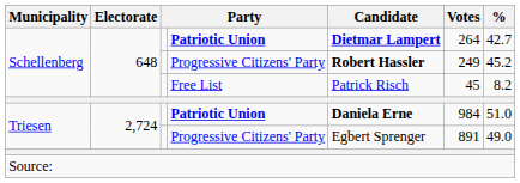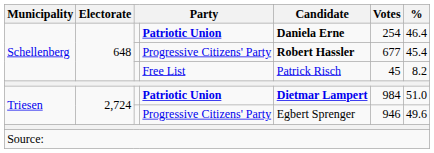 <table class="wikitable" style="text-align:right">
 <tr>
 <th>Municipality</th>
 <th>Electorate</th>
 <th colspan="2">Party</th>
 <th>Candidate</th>
 <th>Votes</th>
 <th>%</th>
 </tr>
 <tr>
 <td rowspan="3" style="text-align:left"><a href='#'>Schellenberg</a></td>
 <td rowspan="3">648</td>
 <td style="color:inherit;background:"></td>
 <td style="text-align:left"><strong><a href='#'>Patriotic Union</a></strong></td>
-<td style="text-align:left"><strong><a href='#'>Dietmar Lampert</a></strong></td>
-<td>264</td>
-<td>42.7</td>
+<td style="text-align:left"><strong>Daniela Erne</strong></td>
+<td>254</td>
+<td>46.4</td>
 </tr>
 <tr>
 <td style="color:inherit;background:"></td>
 <td style="text-align:left"><a href='#'>Progressive Citizens' Party</a></td>
 <td style="text-align:left"><strong>Robert Hassler</strong></td>
-<td>249</td>
-<td>45.2</td>
+<td>677</td>
+<td>45.4</td>
 </tr>
 <tr>
 <td style="color:inherit;background:"></td>
 <td style="text-align:left"><a href='#'>Free List</a></td>
 <td style="text-align:left"><a href='#'>Patrick Risch</a></td>
 <td>45</td>
 <td>8.2</td>
 </tr>
 <tr>
 <th colspan="7"></th>
 </tr>
 <tr>
 <td rowspan="2" style="text-align:left"><a href='#'>Triesen</a></td>
 <td rowspan="2">2,724</td>
 <td style="color:inherit;background:"></td>
 <td style="text-align:left"><a href='#'><strong>Patriotic Union</strong></a></td>
-<td style="text-align:left"><strong>Daniela Erne</strong></td>
+<td style="text-align:left"><strong><a href='#'>Dietmar Lampert</a></strong></td>
 <td>984</td>
 <td>51.0</td>
 </tr>
 <tr>
 <td style="color:inherit;background:"></td>
 <td style="text-align:left"><a href='#'>Progressive Citizens' Party</a></td>
 <td style="text-align:left">Egbert Sprenger</td>
-<td>891</td>
-<td>49.0</td>
+<td>946</td>
+<td>49.6</td>
 </tr>
 <tr>
 <th colspan="7"></th>
 </tr>
 <tr>
 <td colspan="7" style="text-align:left">Source: </td>
 </tr>
 </table>
